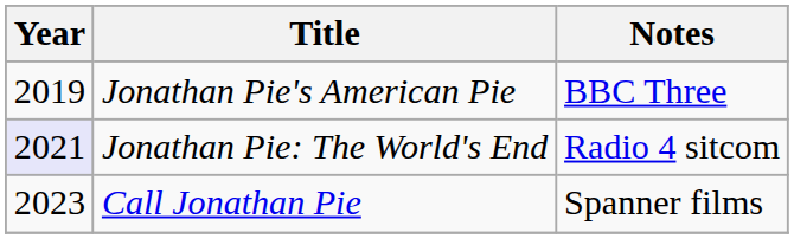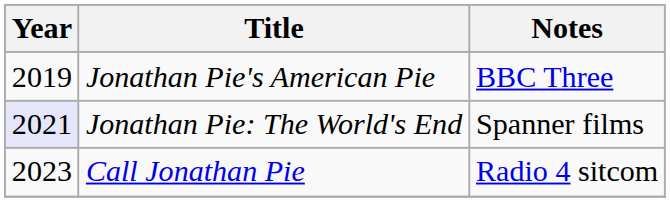 <table class="wikitable sortable">
 <tr>
 <th>Year</th>
 <th>Title</th>
 <th>Notes</th>
 </tr>
 <tr>
 <td>2019</td>
 <td><em>Jonathan Pie's American Pie</em></td>
 <td><a href='#'>BBC Three</a></td>
 </tr>
 <tr>
 <td style="background: lavender;">2021</td>
 <td><em>Jonathan Pie: The World's End</em></td>
-<td><a href='#'>Radio 4</a> sitcom</td>
+<td>Spanner films</td>
 </tr>
 <tr>
 <td>2023</td>
 <td><em><a href='#'>Call Jonathan Pie</a></em></td>
-<td>Spanner films</td>
+<td><a href='#'>Radio 4</a> sitcom</td>
 </tr>
 <tr>
 </tr>
 </table>
